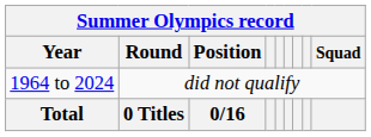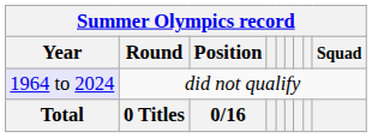 <table class="wikitable" style="text-align: center;">
 <tr>
 <th colspan=9><a href='#'>Summer Olympics record</a></th>
 </tr>
 <tr>
 <th>Year</th>
 <th>Round</th>
 <th>Position</th>
 <th></th>
 <th></th>
 <th></th>
 <th></th>
 <th></th>
 <th><small>Squad</small></th>
 </tr>
 <tr>
-<td> <a href='#'>1964</a> to  <a href='#'>2024</a></td>
+<td style="background: lavender;"> <a href='#'>1964</a> to  <a href='#'>2024</a></td>
 <td colspan=9 rowspan=1 align=center><em>did not qualify</em></td>
 </tr>
 <tr>
 <th>Total</th>
 <th>0 Titles</th>
 <th>0/16</th>
 <th></th>
 <th></th>
 <th></th>
 <th></th>
 <th></th>
 <th></th>
 </tr>
 </table>
